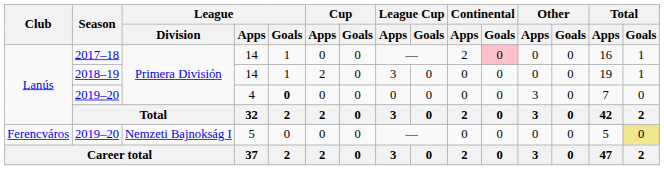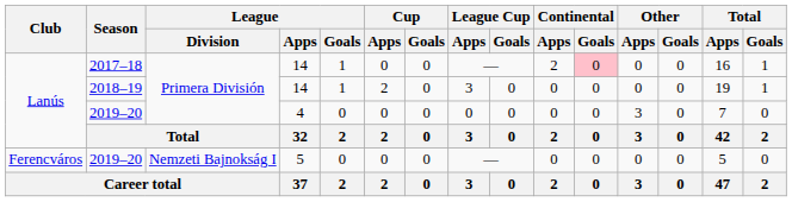 <table class="wikitable" style="text-align:center">
 <tr>
 <th rowspan="2">Club</th>
 <th rowspan="2">Season</th>
 <th colspan="3">League</th>
 <th colspan="2">Cup</th>
 <th colspan="2">League Cup</th>
 <th colspan="2">Continental</th>
 <th colspan="2">Other</th>
 <th colspan="2">Total</th>
 </tr>
 <tr>
 <th>Division</th>
 <th>Apps</th>
 <th>Goals</th>
 <th>Apps</th>
 <th>Goals</th>
 <th>Apps</th>
 <th>Goals</th>
 <th>Apps</th>
 <th>Goals</th>
 <th>Apps</th>
 <th>Goals</th>
 <th>Apps</th>
 <th>Goals</th>
 </tr>
 <tr>
 <td rowspan="4"><a href='#'>Lanús</a></td>
 <td><a href='#'>2017–18</a></td>
 <td rowspan="3"><a href='#'>Primera División</a></td>
 <td>14</td>
 <td>1</td>
 <td>0</td>
 <td>0</td>
 <td colspan="2">—</td>
 <td>2</td>
 <td style="background: pink;">0</td>
 <td>0</td>
 <td>0</td>
 <td>16</td>
 <td>1</td>
 </tr>
 <tr>
 <td><a href='#'>2018–19</a></td>
 <td>14</td>
 <td>1</td>
 <td>2</td>
 <td>0</td>
 <td>3</td>
 <td>0</td>
 <td>0</td>
 <td>0</td>
 <td>0</td>
 <td>0</td>
 <td>19</td>
 <td>1</td>
 </tr>
 <tr>
 <td><a href='#'>2019–20</a></td>
 <td>4</td>
-<td><strong>0</strong></td>
+<td>0</td>
 <td>0</td>
 <td>0</td>
 <td>0</td>
 <td>0</td>
 <td>0</td>
 <td>0</td>
 <td>3</td>
 <td>0</td>
 <td>7</td>
 <td>0</td>
 </tr>
 <tr>
 <th colspan="2">Total</th>
 <th>32</th>
 <th>2</th>
 <th>2</th>
 <th>0</th>
 <th>3</th>
 <th>0</th>
 <th>2</th>
 <th>0</th>
 <th>3</th>
 <th>0</th>
 <th>42</th>
 <th>2</th>
 </tr>
 <tr>
 <td rowspan="1"><a href='#'>Ferencváros</a></td>
 <td><a href='#'>2019–20</a></td>
 <td><a href='#'>Nemzeti Bajnokság I</a></td>
 <td>5</td>
 <td>0</td>
 <td>0</td>
 <td>0</td>
 <td colspan="2">—</td>
 <td>0</td>
 <td>0</td>
 <td>0</td>
 <td>0</td>
 <td>5</td>
-<td style="background: khaki;">0</td>
+<td>0</td>
 </tr>
 <tr>
 <th colspan="3">Career total</th>
 <th>37</th>
 <th>2</th>
 <th>2</th>
 <th>0</th>
 <th>3</th>
 <th>0</th>
 <th>2</th>
 <th>0</th>
 <th>3</th>
 <th>0</th>
 <th>47</th>
 <th>2</th>
 </tr>
 </table>
